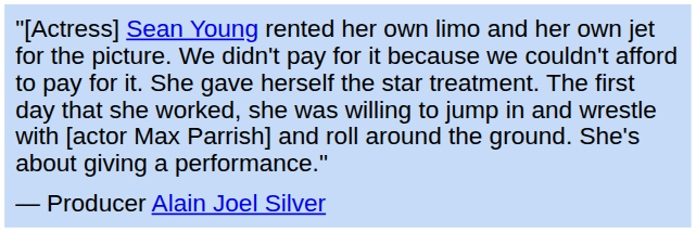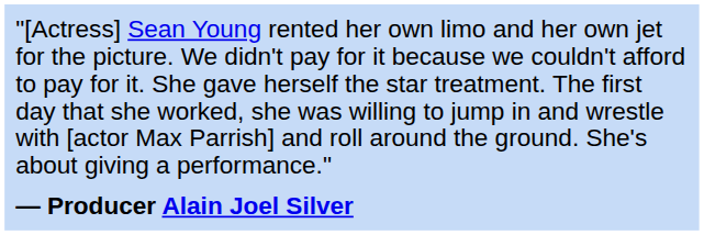 <table class="toccolours" style="float: right; margin-left: 1em; margin-right: 2em; font-size: 85%; background:#c6dbf7; color:black; width:28em; max-width: 40%;" cellspacing="5">
 <tr>
 <td style="text-align: left;">"[Actress] <a href='#'>Sean Young</a> rented her own limo and her own jet for the picture. We didn't pay for it because we couldn't afford to pay for it. She gave herself the star treatment. The first day that she worked, she was willing to jump in and wrestle with [actor Max Parrish] and roll around the ground. She's about giving a performance."</td>
 </tr>
 <tr>
-<td style="text-align: left;">— Producer <a href='#'>Alain Joel Silver</a></td>
+<td style="text-align: left;"><strong>— Producer <a href='#'>Alain Joel Silver</a></strong></td>
 </tr>
 </table>
